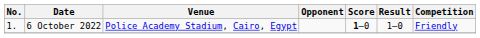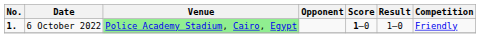 <table class="wikitable">
 <tr>
 <th>No.</th>
 <th>Date</th>
 <th>Venue</th>
 <th>Opponent</th>
 <th>Score</th>
 <th>Result</th>
 <th>Competition</th>
 </tr>
 <tr>
-<td>1.</td>
+<td><strong>1.</strong></td>
 <td>6 October 2022</td>
-<td><a href='#'>Police Academy Stadium</a>, <a href='#'>Cairo</a>, <a href='#'>Egypt</a></td>
+<td style="background: lightgreen;"><a href='#'>Police Academy Stadium</a>, <a href='#'>Cairo</a>, <a href='#'>Egypt</a></td>
 <td></td>
 <td align=center><strong>1</strong>–0</td>
 <td align=center>1–0</td>
 <td><a href='#'>Friendly</a></td>
 </tr>
 <tr>
 </tr>
 </table>
